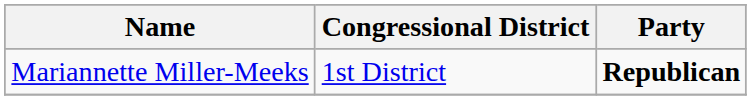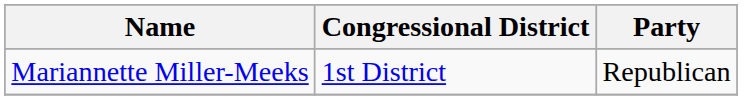 <table class="wikitable">
 <tr>
 <th>Name</th>
 <th>Congressional District</th>
 <th>Party</th>
 </tr>
 <tr>
 <td><a href='#'>Mariannette Miller-Meeks</a></td>
 <td><a href='#'>1st District</a></td>
-<td><strong>Republican</strong></td>
+<td>Republican</td>
 </tr>
 <tr>
 </tr>
 </table>
